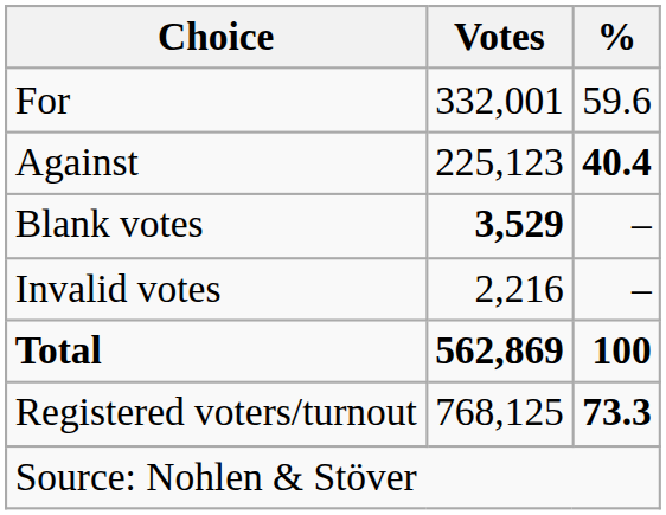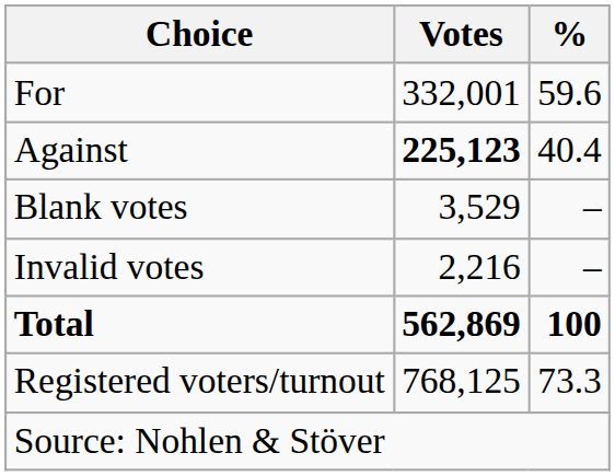 <table class=wikitable style=text-align:right>
 <tr>
 <th>Choice</th>
 <th>Votes</th>
 <th>%</th>
 </tr>
 <tr>
 <td align=left>For</td>
 <td>332,001</td>
 <td>59.6</td>
 </tr>
 <tr>
 <td align=left>Against</td>
-<td>225,123</td>
-<td><strong>40.4</strong></td>
+<td><strong>225,123</strong></td>
+<td>40.4</td>
 </tr>
 <tr>
 <td align=left>Blank votes</td>
-<td><strong>3,529</strong></td>
+<td>3,529</td>
 <td>–</td>
 </tr>
 <tr>
 <td align=left>Invalid votes</td>
 <td>2,216</td>
 <td>–</td>
 </tr>
 <tr>
 <td align=left><strong>Total</strong></td>
 <td><strong>562,869</strong></td>
 <td><strong>100</strong></td>
 </tr>
 <tr>
 <td align=left>Registered voters/turnout</td>
 <td>768,125</td>
-<td><strong>73.3</strong></td>
+<td>73.3</td>
 </tr>
 <tr>
 <td align=left colspan=3>Source: Nohlen & Stöver</td>
 </tr>
 </table>
